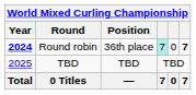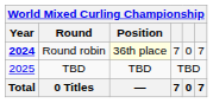 <table class="wikitable" style="text-align: center;">
 <tr>
 <th colspan=10><a href='#'>World Mixed Curling Championship</a></th>
 </tr>
 <tr>
 <th>Year</th>
 <th>Round</th>
 <th>Position</th>
 <th></th>
 <th></th>
 <th></th>
 </tr>
 <tr>
 <td><strong> <a href='#'>2024</a></strong></td>
 <td>Round robin</td>
-<td>36th place</td>
-<td style="background: paleturquoise;">7</td>
+<td style="background: lightyellow;">36th place</td>
+<td>7</td>
 <td>0</td>
-<td><strong>7</strong></td>
+<td>7</td>
 </tr>
 <tr>
 <td><a href='#'>2025</a></td>
 <td>TBD</td>
 <td>TBD</td>
 <td colspan=3>TBD</td>
 </tr>
 <tr>
 <th>Total</th>
 <th>0 Titles</th>
 <th>—</th>
 <th>7</th>
 <th>0</th>
 <th>7</th>
 </tr>
 </table>
